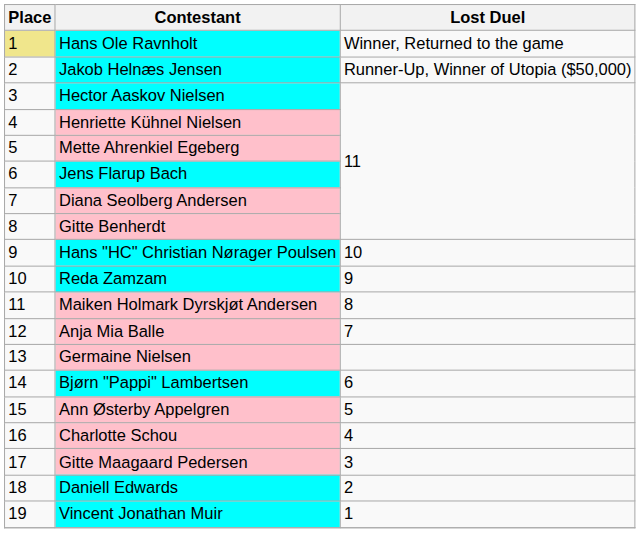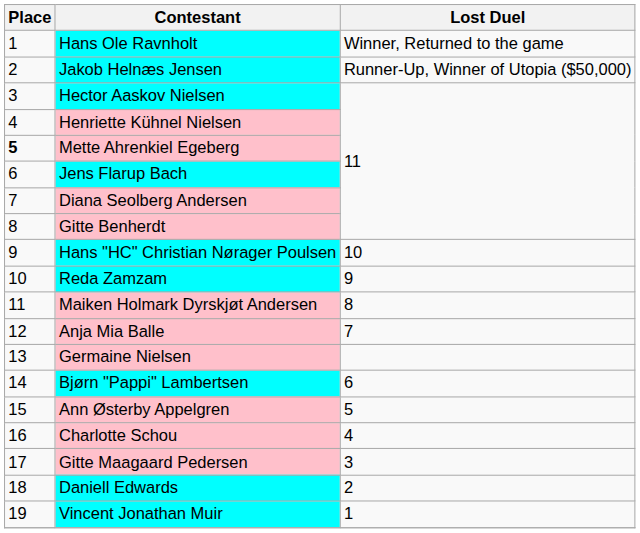 <table class="wikitable">
 <tr>
 <th>Place</th>
 <th>Contestant</th>
 <th>Lost Duel</th>
 </tr>
 <tr>
-<td style="background: khaki;">1</td>
+<td>1</td>
 <td bgcolor="cyan">Hans Ole Ravnholt</td>
 <td>Winner, Returned to the game</td>
 </tr>
 <tr>
 <td>2</td>
 <td bgcolor="cyan">Jakob Helnæs Jensen</td>
 <td>Runner-Up, Winner of Utopia ($50,000)</td>
 </tr>
 <tr>
 <td>3</td>
 <td bgcolor="cyan">Hector Aaskov Nielsen</td>
 <td rowspan=6>11</td>
 </tr>
 <tr>
 <td>4</td>
 <td bgcolor="pink">Henriette Kühnel Nielsen</td>
 </tr>
 <tr>
-<td>5</td>
+<td><strong>5</strong></td>
 <td bgcolor="pink">Mette Ahrenkiel Egeberg</td>
 </tr>
 <tr>
 <td>6</td>
 <td bgcolor="cyan">Jens Flarup Bach</td>
 </tr>
 <tr>
 <td>7</td>
 <td bgcolor="pink">Diana Seolberg Andersen</td>
 </tr>
 <tr>
 <td>8</td>
 <td bgcolor="pink">Gitte Benherdt</td>
 </tr>
 <tr>
 <td>9</td>
 <td bgcolor="cyan">Hans "HC" Christian Nørager Poulsen</td>
 <td>10</td>
 </tr>
 <tr>
 <td>10</td>
 <td bgcolor="cyan">Reda Zamzam</td>
 <td>9</td>
 </tr>
 <tr>
 <td>11</td>
 <td bgcolor="pink">Maiken Holmark Dyrskjøt Andersen</td>
 <td>8</td>
 </tr>
 <tr>
 <td>12</td>
 <td bgcolor="pink">Anja Mia Balle</td>
 <td>7</td>
 </tr>
 <tr>
 <td>13</td>
 <td bgcolor="pink">Germaine Nielsen</td>
 <td></td>
 </tr>
 <tr>
 <td>14</td>
 <td bgcolor="cyan">Bjørn "Pappi" Lambertsen</td>
 <td>6</td>
 </tr>
 <tr>
 <td>15</td>
 <td bgcolor="pink">Ann Østerby Appelgren</td>
 <td>5</td>
 </tr>
 <tr>
 <td>16</td>
 <td bgcolor="pink">Charlotte Schou</td>
 <td>4</td>
 </tr>
 <tr>
 <td>17</td>
 <td bgcolor="pink">Gitte Maagaard Pedersen</td>
 <td>3</td>
 </tr>
 <tr>
 <td>18</td>
 <td bgcolor="cyan">Daniell Edwards</td>
 <td>2</td>
 </tr>
 <tr>
 <td>19</td>
 <td bgcolor="cyan">Vincent Jonathan Muir</td>
 <td>1</td>
 </tr>
 <tr>
 </tr>
 </table>
